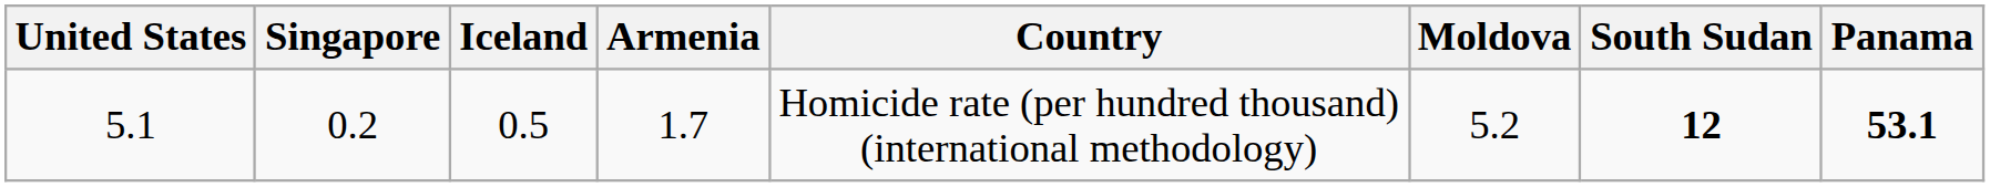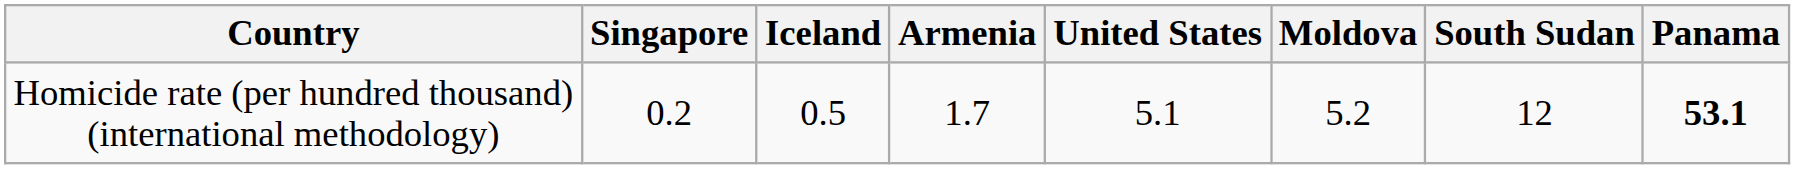 <table class="wikitable" style="text-align:center; margin-right:60px">
 <tr>
-<th>United States</th>
+<th>Country</th>
 <th>Singapore</th>
 <th>Iceland</th>
 <th>Armenia</th>
-<th>Country</th>
+<th>United States</th>
 <th>Moldova</th>
 <th>South Sudan</th>
 <th>Panama</th>
 </tr>
 <tr>
-<td>5.1</td>
+<td>Homicide rate (per hundred thousand) <br>(international methodology)</td>
 <td>0.2</td>
 <td>0.5</td>
 <td>1.7</td>
-<td>Homicide rate (per hundred thousand) <br>(international methodology)</td>
+<td>5.1</td>
 <td>5.2</td>
-<td><strong>12</strong></td>
+<td>12</td>
 <td><strong>53.1</strong></td>
 </tr>
 </table>
